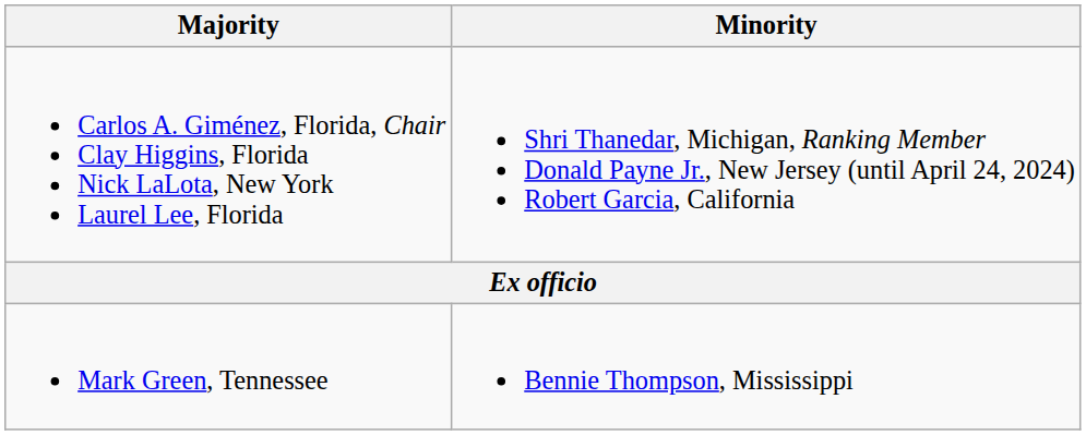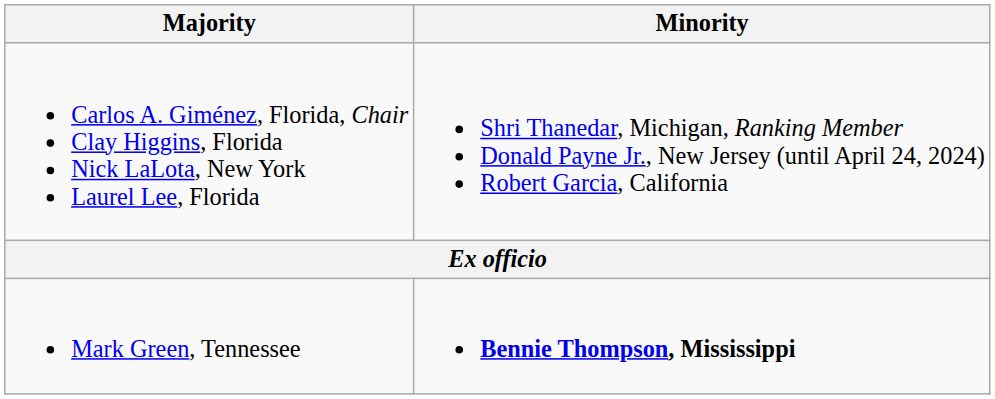 <table class=wikitable>
 <tr>
 <th>Majority</th>
 <th>Minority</th>
 </tr>
 <tr>
 <td><br><ul><li><a href='#'>Carlos A. Giménez</a>, Florida, <em>Chair</em></li><li><a href='#'>Clay Higgins</a>, Florida</li><li><a href='#'>Nick LaLota</a>, New York</li><li><a href='#'>Laurel Lee</a>, Florida</li></ul></td>
 <td><br><ul><li><a href='#'>Shri Thanedar</a>, Michigan, <em>Ranking Member</em></li><li><a href='#'>Donald Payne Jr.</a>, New Jersey (until April 24, 2024)</li><li><a href='#'>Robert Garcia</a>, California</li></ul></td>
 </tr>
 <tr>
 <th colspan=2><em>Ex officio</em></th>
 </tr>
 <tr>
 <td><br><ul><li><a href='#'>Mark Green</a>, Tennessee</li></ul></td>
-<td><br><ul><li><a href='#'>Bennie Thompson</a>, Mississippi</li></ul></td>
+<td><strong><br><ul><li><a href='#'>Bennie Thompson</a>, Mississippi</li></ul></strong></td>
 </tr>
 </table>
